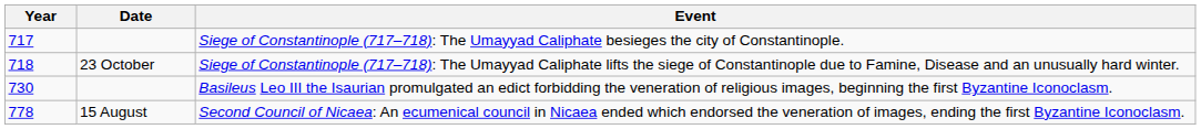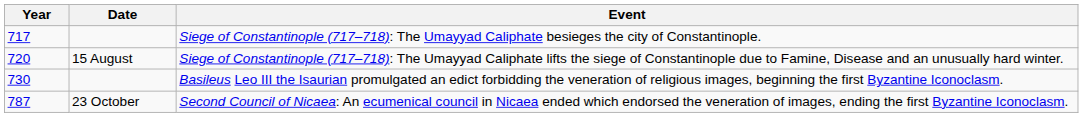 <table class="wikitable" width="100%">
 <tr>
 <th style="width:6%">Year</th>
 <th style="width:10%">Date</th>
 <th>Event</th>
 </tr>
 <tr>
 <td><a href='#'>717</a></td>
 <td></td>
 <td><em><a href='#'>Siege of Constantinople (717–718)</a></em>: The <a href='#'>Umayyad Caliphate</a> besieges the city of Constantinople.</td>
 </tr>
 <tr>
-<td><a href='#'>718</a></td>
-<td>23 October</td>
+<td><a href='#'>720</a></td>
+<td>15 August</td>
 <td><em><a href='#'>Siege of Constantinople (717–718)</a></em>: The Umayyad Caliphate lifts the siege of Constantinople due to Famine, Disease and an unusually hard winter.</td>
 </tr>
 <tr>
 <td><a href='#'>730</a></td>
 <td></td>
 <td><em><a href='#'>Basileus</a></em> <a href='#'>Leo III the Isaurian</a> promulgated an edict forbidding the veneration of religious images, beginning the first <a href='#'>Byzantine Iconoclasm</a>.</td>
 </tr>
 <tr>
-<td><a href='#'>778</a></td>
-<td>15 August</td>
+<td><a href='#'>787</a></td>
+<td>23 October</td>
 <td><em><a href='#'>Second Council of Nicaea</a></em>: An <a href='#'>ecumenical council</a> in <a href='#'>Nicaea</a> ended which endorsed the veneration of images, ending the first <a href='#'>Byzantine Iconoclasm</a>.</td>
 </tr>
 </table>
